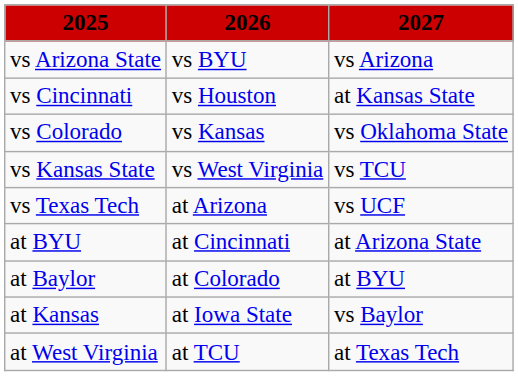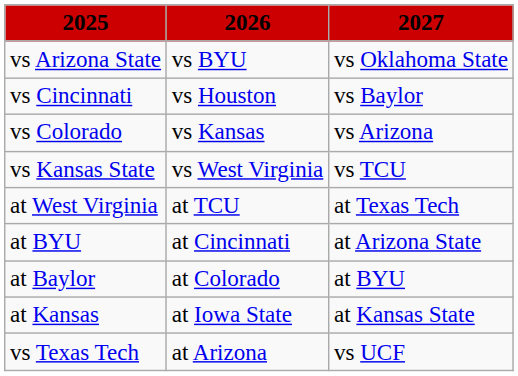 <table class="wikitable sortable">
 <tr>
 <th style="background:#CC0000; color:#000000;">2025</th>
 <th style="background:#CC0000; color:#000000;">2026</th>
 <th style="background:#CC0000; color:#000000;">2027</th>
 </tr>
 <tr>
 <td>vs <a href='#'>Arizona State</a></td>
 <td>vs <a href='#'>BYU</a></td>
-<td>vs <a href='#'>Arizona</a></td>
+<td>vs <a href='#'>Oklahoma State</a></td>
 </tr>
 <tr>
 <td>vs <a href='#'>Cincinnati</a></td>
 <td>vs <a href='#'>Houston</a></td>
-<td>at <a href='#'>Kansas State</a></td>
+<td>vs <a href='#'>Baylor</a></td>
 </tr>
 <tr>
 <td>vs <a href='#'>Colorado</a></td>
 <td>vs <a href='#'>Kansas</a></td>
-<td>vs <a href='#'>Oklahoma State</a></td>
+<td>vs <a href='#'>Arizona</a></td>
 </tr>
 <tr>
 <td>vs <a href='#'>Kansas State</a></td>
 <td>vs <a href='#'>West Virginia</a></td>
 <td>vs <a href='#'>TCU</a></td>
 </tr>
 <tr>
-<td>vs <a href='#'>Texas Tech</a></td>
-<td>at <a href='#'>Arizona</a></td>
-<td>vs <a href='#'>UCF</a></td>
+<td>at <a href='#'>West Virginia</a></td>
+<td>at <a href='#'>TCU</a></td>
+<td>at <a href='#'>Texas Tech</a></td>
 </tr>
 <tr>
 <td>at <a href='#'>BYU</a></td>
 <td>at <a href='#'>Cincinnati</a></td>
 <td>at <a href='#'>Arizona State</a></td>
 </tr>
 <tr>
 <td>at <a href='#'>Baylor</a></td>
 <td>at <a href='#'>Colorado</a></td>
 <td>at <a href='#'>BYU</a></td>
 </tr>
 <tr>
 <td>at <a href='#'>Kansas</a></td>
 <td>at <a href='#'>Iowa State</a></td>
-<td>vs <a href='#'>Baylor</a></td>
+<td>at <a href='#'>Kansas State</a></td>
 </tr>
 <tr>
-<td>at <a href='#'>West Virginia</a></td>
-<td>at <a href='#'>TCU</a></td>
-<td>at <a href='#'>Texas Tech</a></td>
+<td>vs <a href='#'>Texas Tech</a></td>
+<td>at <a href='#'>Arizona</a></td>
+<td>vs <a href='#'>UCF</a></td>
 </tr>
 </table>
